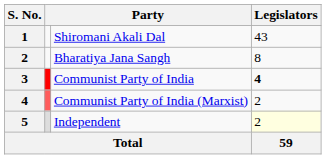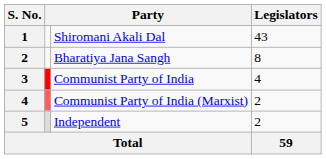 <table class="wikitable" style"text-align:center">
 <tr>
 <th>S. No.</th>
 <th colspan=2>Party</th>
 <th>Legislators</th>
 </tr>
 <tr>
 <th>1</th>
 <td bgcolor=></td>
 <td><a href='#'>Shiromani Akali Dal</a></td>
 <td>43</td>
 </tr>
 <tr>
 <th>2</th>
 <td bgcolor=></td>
 <td><a href='#'>Bharatiya Jana Sangh</a></td>
 <td>8</td>
 </tr>
 <tr>
 <th>3</th>
 <td bgcolor=red></td>
 <td><a href='#'>Communist Party of India</a></td>
-<td><strong>4</strong></td>
+<td>4</td>
 </tr>
 <tr>
 <th>4</th>
 <td bgcolor=#FF5C5C></td>
 <td><a href='#'>Communist Party of India (Marxist)</a></td>
 <td>2</td>
 </tr>
 <tr>
 <th>5</th>
 <td bgcolor=#DDDDDD></td>
 <td><a href='#'>Independent</a></td>
-<td style="background: lightyellow;">2</td>
+<td>2</td>
 </tr>
 <tr>
 <th colspan=3>Total</th>
 <th>59</th>
 </tr>
 </table>
